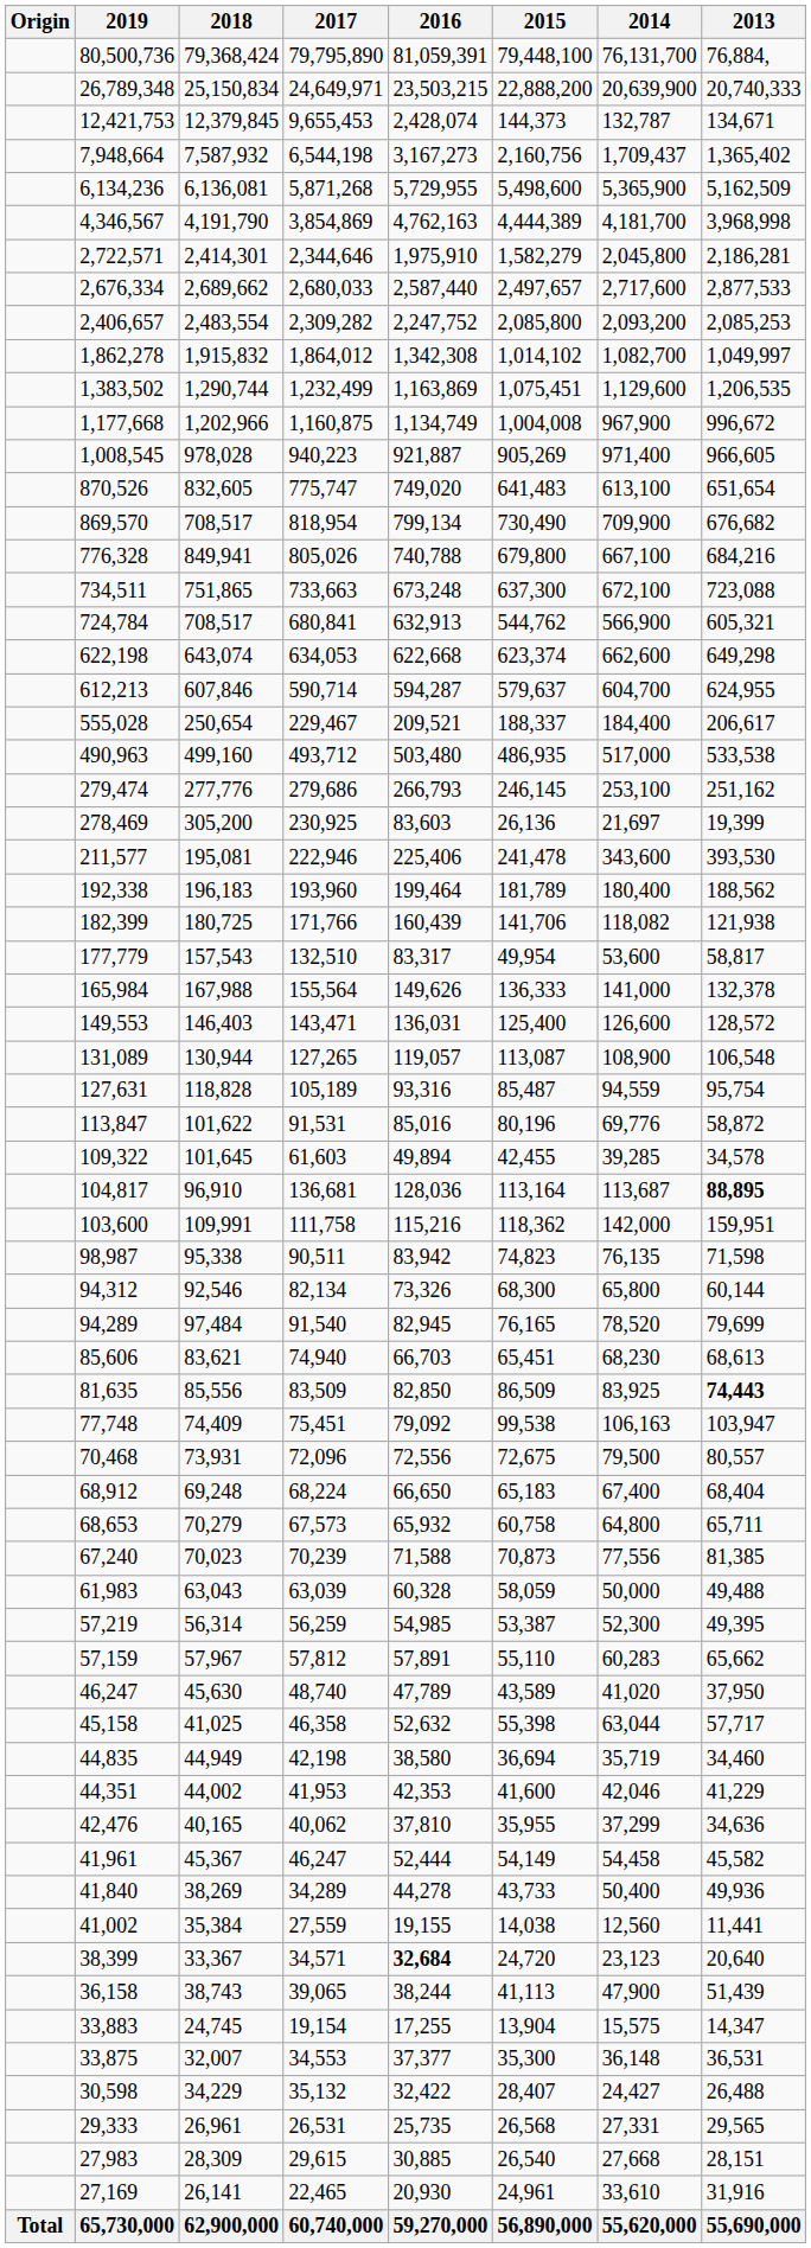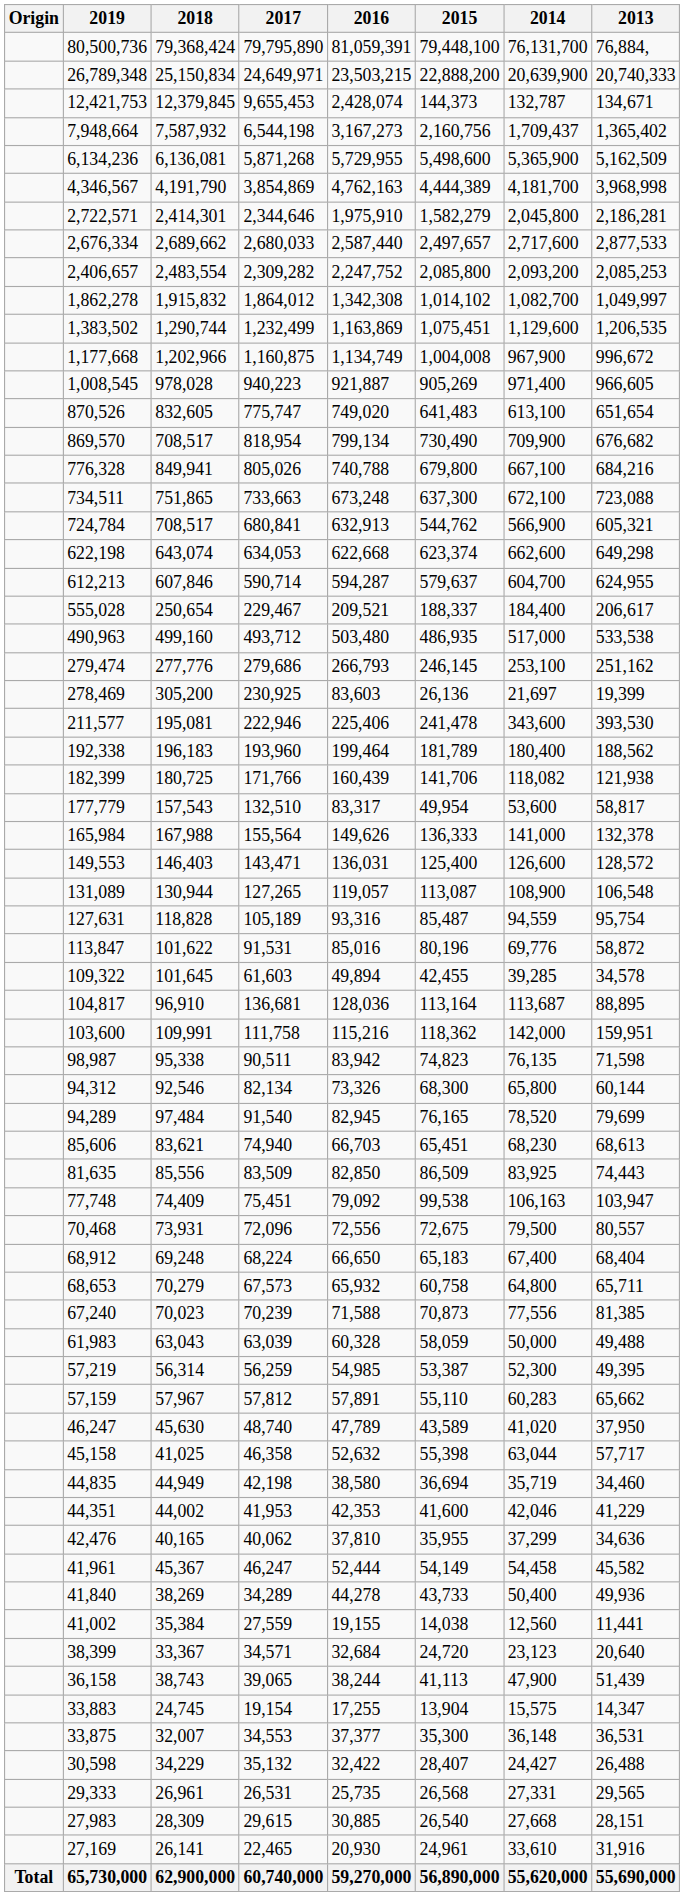 <table class="wikitable sortable">
 <tr>
 <th>Origin</th>
 <th>2019</th>
 <th>2018</th>
 <th>2017</th>
 <th>2016</th>
 <th>2015</th>
 <th>2014</th>
 <th>2013</th>
 </tr>
 <tr>
 <td></td>
 <td>80,500,736</td>
 <td>79,368,424</td>
 <td>79,795,890</td>
 <td>81,059,391</td>
 <td>79,448,100</td>
 <td>76,131,700</td>
 <td>76,884,</td>
 </tr>
 <tr>
 <td></td>
 <td>26,789,348</td>
 <td>25,150,834</td>
 <td>24,649,971</td>
 <td>23,503,215</td>
 <td>22,888,200</td>
 <td>20,639,900</td>
 <td>20,740,333</td>
 </tr>
 <tr>
 <td></td>
 <td>12,421,753</td>
 <td>12,379,845</td>
 <td>9,655,453</td>
 <td>2,428,074</td>
 <td>144,373</td>
 <td>132,787</td>
 <td>134,671</td>
 </tr>
 <tr>
 <td></td>
 <td>7,948,664</td>
 <td>7,587,932</td>
 <td>6,544,198</td>
 <td>3,167,273</td>
 <td>2,160,756</td>
 <td>1,709,437</td>
 <td>1,365,402</td>
 </tr>
 <tr>
 <td></td>
 <td>6,134,236</td>
 <td>6,136,081</td>
 <td>5,871,268</td>
 <td>5,729,955</td>
 <td>5,498,600</td>
 <td>5,365,900</td>
 <td>5,162,509</td>
 </tr>
 <tr>
 <td></td>
 <td>4,346,567</td>
 <td>4,191,790</td>
 <td>3,854,869</td>
 <td>4,762,163</td>
 <td>4,444,389</td>
 <td>4,181,700</td>
 <td>3,968,998</td>
 </tr>
 <tr>
 <td></td>
 <td>2,722,571</td>
 <td>2,414,301</td>
 <td>2,344,646</td>
 <td>1,975,910</td>
 <td>1,582,279</td>
 <td>2,045,800</td>
 <td>2,186,281</td>
 </tr>
 <tr>
 <td></td>
 <td>2,676,334</td>
 <td>2,689,662</td>
 <td>2,680,033</td>
 <td>2,587,440</td>
 <td>2,497,657</td>
 <td>2,717,600</td>
 <td>2,877,533</td>
 </tr>
 <tr>
 <td></td>
 <td>2,406,657</td>
 <td>2,483,554</td>
 <td>2,309,282</td>
 <td>2,247,752</td>
 <td>2,085,800</td>
 <td>2,093,200</td>
 <td>2,085,253</td>
 </tr>
 <tr>
 <td></td>
 <td>1,862,278</td>
 <td>1,915,832</td>
 <td>1,864,012</td>
 <td>1,342,308</td>
 <td>1,014,102</td>
 <td>1,082,700</td>
 <td>1,049,997</td>
 </tr>
 <tr>
 <td></td>
 <td>1,383,502</td>
 <td>1,290,744</td>
 <td>1,232,499</td>
 <td>1,163,869</td>
 <td>1,075,451</td>
 <td>1,129,600</td>
 <td>1,206,535</td>
 </tr>
 <tr>
 <td></td>
 <td>1,177,668</td>
 <td>1,202,966</td>
 <td>1,160,875</td>
 <td>1,134,749</td>
 <td>1,004,008</td>
 <td>967,900</td>
 <td>996,672</td>
 </tr>
 <tr>
 <td></td>
 <td>1,008,545</td>
 <td>978,028</td>
 <td>940,223</td>
 <td>921,887</td>
 <td>905,269</td>
 <td>971,400</td>
 <td>966,605</td>
 </tr>
 <tr>
 <td></td>
 <td>870,526</td>
 <td>832,605</td>
 <td>775,747</td>
 <td>749,020</td>
 <td>641,483</td>
 <td>613,100</td>
 <td>651,654</td>
 </tr>
 <tr>
 <td></td>
 <td>869,570</td>
 <td>708,517</td>
 <td>818,954</td>
 <td>799,134</td>
 <td>730,490</td>
 <td>709,900</td>
 <td>676,682</td>
 </tr>
 <tr>
 <td></td>
 <td>776,328</td>
 <td>849,941</td>
 <td>805,026</td>
 <td>740,788</td>
 <td>679,800</td>
 <td>667,100</td>
 <td>684,216</td>
 </tr>
 <tr>
 <td></td>
 <td>734,511</td>
 <td>751,865</td>
 <td>733,663</td>
 <td>673,248</td>
 <td>637,300</td>
 <td>672,100</td>
 <td>723,088</td>
 </tr>
 <tr>
 <td></td>
 <td>724,784</td>
 <td>708,517</td>
 <td>680,841</td>
 <td>632,913</td>
 <td>544,762</td>
 <td>566,900</td>
 <td>605,321</td>
 </tr>
 <tr>
 <td></td>
 <td>622,198</td>
 <td>643,074</td>
 <td>634,053</td>
 <td>622,668</td>
 <td>623,374</td>
 <td>662,600</td>
 <td>649,298</td>
 </tr>
 <tr>
 <td></td>
 <td>612,213</td>
 <td>607,846</td>
 <td>590,714</td>
 <td>594,287</td>
 <td>579,637</td>
 <td>604,700</td>
 <td>624,955</td>
 </tr>
 <tr>
 <td></td>
 <td>555,028</td>
 <td>250,654</td>
 <td>229,467</td>
 <td>209,521</td>
 <td>188,337</td>
 <td>184,400</td>
 <td>206,617</td>
 </tr>
 <tr>
 <td></td>
 <td>490,963</td>
 <td>499,160</td>
 <td>493,712</td>
 <td>503,480</td>
 <td>486,935</td>
 <td>517,000</td>
 <td>533,538</td>
 </tr>
 <tr>
 <td></td>
 <td>279,474</td>
 <td>277,776</td>
 <td>279,686</td>
 <td>266,793</td>
 <td>246,145</td>
 <td>253,100</td>
 <td>251,162</td>
 </tr>
 <tr>
 <td></td>
 <td>278,469</td>
 <td>305,200</td>
 <td>230,925</td>
 <td>83,603</td>
 <td>26,136</td>
 <td>21,697</td>
 <td>19,399</td>
 </tr>
 <tr>
 <td></td>
 <td>211,577</td>
 <td>195,081</td>
 <td>222,946</td>
 <td>225,406</td>
 <td>241,478</td>
 <td>343,600</td>
 <td>393,530</td>
 </tr>
 <tr>
 <td></td>
 <td>192,338</td>
 <td>196,183</td>
 <td>193,960</td>
 <td>199,464</td>
 <td>181,789</td>
 <td>180,400</td>
 <td>188,562</td>
 </tr>
 <tr>
 <td></td>
 <td>182,399</td>
 <td>180,725</td>
 <td>171,766</td>
 <td>160,439</td>
 <td>141,706</td>
 <td>118,082</td>
 <td>121,938</td>
 </tr>
 <tr>
 <td></td>
 <td>177,779</td>
 <td>157,543</td>
 <td>132,510</td>
 <td>83,317</td>
 <td>49,954</td>
 <td>53,600</td>
 <td>58,817</td>
 </tr>
 <tr>
 <td></td>
 <td>165,984</td>
 <td>167,988</td>
 <td>155,564</td>
 <td>149,626</td>
 <td>136,333</td>
 <td>141,000</td>
 <td>132,378</td>
 </tr>
 <tr>
 <td></td>
 <td>149,553</td>
 <td>146,403</td>
 <td>143,471</td>
 <td>136,031</td>
 <td>125,400</td>
 <td>126,600</td>
 <td>128,572</td>
 </tr>
 <tr>
 <td></td>
 <td>131,089</td>
 <td>130,944</td>
 <td>127,265</td>
 <td>119,057</td>
 <td>113,087</td>
 <td>108,900</td>
 <td>106,548</td>
 </tr>
 <tr>
 <td></td>
 <td>127,631</td>
 <td>118,828</td>
 <td>105,189</td>
 <td>93,316</td>
 <td>85,487</td>
 <td>94,559</td>
 <td>95,754</td>
 </tr>
 <tr>
 <td></td>
 <td>113,847</td>
 <td>101,622</td>
 <td>91,531</td>
 <td>85,016</td>
 <td>80,196</td>
 <td>69,776</td>
 <td>58,872</td>
 </tr>
 <tr>
 <td></td>
 <td>109,322</td>
 <td>101,645</td>
 <td>61,603</td>
 <td>49,894</td>
 <td>42,455</td>
 <td>39,285</td>
 <td>34,578</td>
 </tr>
 <tr>
 <td></td>
 <td>104,817</td>
 <td>96,910</td>
 <td>136,681</td>
 <td>128,036</td>
 <td>113,164</td>
 <td>113,687</td>
-<td><strong>88,895</strong></td>
+<td>88,895</td>
 </tr>
 <tr>
 <td></td>
 <td>103,600</td>
 <td>109,991</td>
 <td>111,758</td>
 <td>115,216</td>
 <td>118,362</td>
 <td>142,000</td>
 <td>159,951</td>
 </tr>
 <tr>
 <td></td>
 <td>98,987</td>
 <td>95,338</td>
 <td>90,511</td>
 <td>83,942</td>
 <td>74,823</td>
 <td>76,135</td>
 <td>71,598</td>
 </tr>
 <tr>
 <td></td>
 <td>94,312</td>
 <td>92,546</td>
 <td>82,134</td>
 <td>73,326</td>
 <td>68,300</td>
 <td>65,800</td>
 <td>60,144</td>
 </tr>
 <tr>
 <td></td>
 <td>94,289</td>
 <td>97,484</td>
 <td>91,540</td>
 <td>82,945</td>
 <td>76,165</td>
 <td>78,520</td>
 <td>79,699</td>
 </tr>
 <tr>
 <td></td>
 <td>85,606</td>
 <td>83,621</td>
 <td>74,940</td>
 <td>66,703</td>
 <td>65,451</td>
 <td>68,230</td>
 <td>68,613</td>
 </tr>
 <tr>
 <td></td>
 <td>81,635</td>
 <td>85,556</td>
 <td>83,509</td>
 <td>82,850</td>
 <td>86,509</td>
 <td>83,925</td>
-<td><strong>74,443</strong></td>
+<td>74,443</td>
 </tr>
 <tr>
 <td></td>
 <td>77,748</td>
 <td>74,409</td>
 <td>75,451</td>
 <td>79,092</td>
 <td>99,538</td>
 <td>106,163</td>
 <td>103,947</td>
 </tr>
 <tr>
 <td></td>
 <td>70,468</td>
 <td>73,931</td>
 <td>72,096</td>
 <td>72,556</td>
 <td>72,675</td>
 <td>79,500</td>
 <td>80,557</td>
 </tr>
 <tr>
 <td></td>
 <td>68,912</td>
 <td>69,248</td>
 <td>68,224</td>
 <td>66,650</td>
 <td>65,183</td>
 <td>67,400</td>
 <td>68,404</td>
 </tr>
 <tr>
 <td></td>
 <td>68,653</td>
 <td>70,279</td>
 <td>67,573</td>
 <td>65,932</td>
 <td>60,758</td>
 <td>64,800</td>
 <td>65,711</td>
 </tr>
 <tr>
 <td></td>
 <td>67,240</td>
 <td>70,023</td>
 <td>70,239</td>
 <td>71,588</td>
 <td>70,873</td>
 <td>77,556</td>
 <td>81,385</td>
 </tr>
 <tr>
 <td></td>
 <td>61,983</td>
 <td>63,043</td>
 <td>63,039</td>
 <td>60,328</td>
 <td>58,059</td>
 <td>50,000</td>
 <td>49,488</td>
 </tr>
 <tr>
 <td></td>
 <td>57,219</td>
 <td>56,314</td>
 <td>56,259</td>
 <td>54,985</td>
 <td>53,387</td>
 <td>52,300</td>
 <td>49,395</td>
 </tr>
 <tr>
 <td></td>
 <td>57,159</td>
 <td>57,967</td>
 <td>57,812</td>
 <td>57,891</td>
 <td>55,110</td>
 <td>60,283</td>
 <td>65,662</td>
 </tr>
 <tr>
 <td></td>
 <td>46,247</td>
 <td>45,630</td>
 <td>48,740</td>
 <td>47,789</td>
 <td>43,589</td>
 <td>41,020</td>
 <td>37,950</td>
 </tr>
 <tr>
 <td></td>
 <td>45,158</td>
 <td>41,025</td>
 <td>46,358</td>
 <td>52,632</td>
 <td>55,398</td>
 <td>63,044</td>
 <td>57,717</td>
 </tr>
 <tr>
 <td></td>
 <td>44,835</td>
 <td>44,949</td>
 <td>42,198</td>
 <td>38,580</td>
 <td>36,694</td>
 <td>35,719</td>
 <td>34,460</td>
 </tr>
 <tr>
 <td></td>
 <td>44,351</td>
 <td>44,002</td>
 <td>41,953</td>
 <td>42,353</td>
 <td>41,600</td>
 <td>42,046</td>
 <td>41,229</td>
 </tr>
 <tr>
 <td></td>
 <td>42,476</td>
 <td>40,165</td>
 <td>40,062</td>
 <td>37,810</td>
 <td>35,955</td>
 <td>37,299</td>
 <td>34,636</td>
 </tr>
 <tr>
 <td></td>
 <td>41,961</td>
 <td>45,367</td>
 <td>46,247</td>
 <td>52,444</td>
 <td>54,149</td>
 <td>54,458</td>
 <td>45,582</td>
 </tr>
 <tr>
 <td></td>
 <td>41,840</td>
 <td>38,269</td>
 <td>34,289</td>
 <td>44,278</td>
 <td>43,733</td>
 <td>50,400</td>
 <td>49,936</td>
 </tr>
 <tr>
 <td></td>
 <td>41,002</td>
 <td>35,384</td>
 <td>27,559</td>
 <td>19,155</td>
 <td>14,038</td>
 <td>12,560</td>
 <td>11,441</td>
 </tr>
 <tr>
 <td></td>
 <td>38,399</td>
 <td>33,367</td>
 <td>34,571</td>
-<td><strong>32,684</strong></td>
+<td>32,684</td>
 <td>24,720</td>
 <td>23,123</td>
 <td>20,640</td>
 </tr>
 <tr>
 <td></td>
 <td>36,158</td>
 <td>38,743</td>
 <td>39,065</td>
 <td>38,244</td>
 <td>41,113</td>
 <td>47,900</td>
 <td>51,439</td>
 </tr>
 <tr>
 <td></td>
 <td>33,883</td>
 <td>24,745</td>
 <td>19,154</td>
 <td>17,255</td>
 <td>13,904</td>
 <td>15,575</td>
 <td>14,347</td>
 </tr>
 <tr>
 <td></td>
 <td>33,875</td>
 <td>32,007</td>
 <td>34,553</td>
 <td>37,377</td>
 <td>35,300</td>
 <td>36,148</td>
 <td>36,531</td>
 </tr>
 <tr>
 <td></td>
 <td>30,598</td>
 <td>34,229</td>
 <td>35,132</td>
 <td>32,422</td>
 <td>28,407</td>
 <td>24,427</td>
 <td>26,488</td>
 </tr>
 <tr>
 <td></td>
 <td>29,333</td>
 <td>26,961</td>
 <td>26,531</td>
 <td>25,735</td>
 <td>26,568</td>
 <td>27,331</td>
 <td>29,565</td>
 </tr>
 <tr>
 <td></td>
 <td>27,983</td>
 <td>28,309</td>
 <td>29,615</td>
 <td>30,885</td>
 <td>26,540</td>
 <td>27,668</td>
 <td>28,151</td>
 </tr>
 <tr>
 <td></td>
 <td>27,169</td>
 <td>26,141</td>
 <td>22,465</td>
 <td>20,930</td>
 <td>24,961</td>
 <td>33,610</td>
 <td>31,916</td>
 </tr>
 <tr>
 <th>Total</th>
 <th>65,730,000</th>
 <th>62,900,000</th>
 <th>60,740,000</th>
 <th>59,270,000</th>
 <th>56,890,000</th>
 <th>55,620,000</th>
 <th>55,690,000</th>
 </tr>
 <tr>
 </tr>
 </table>
